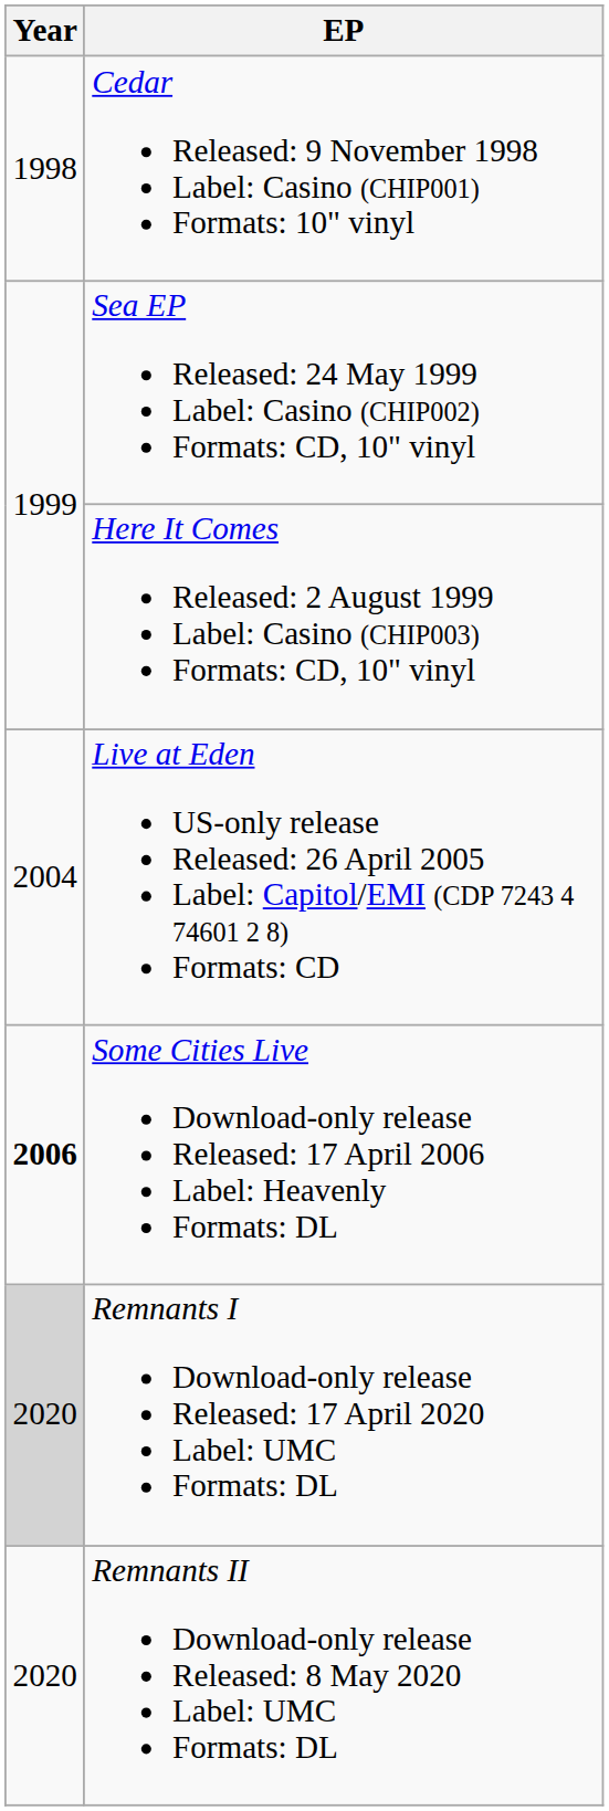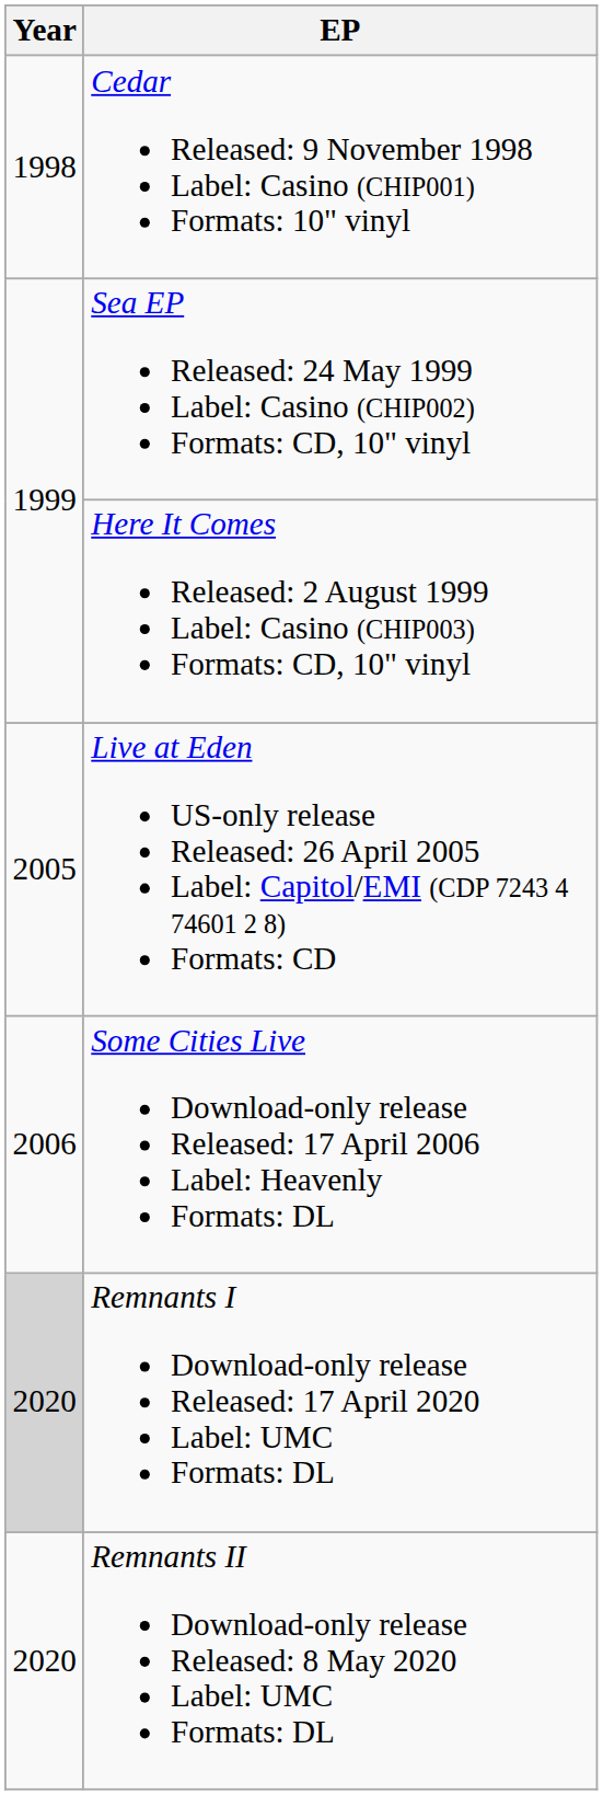 <table class="wikitable" border="1">
 <tr>
 <th rowspan="1">Year</th>
 <th rowspan="1" width="250">EP</th>
 </tr>
 <tr>
 <td>1998</td>
 <td><em><a href='#'>Cedar</a></em><br><ul><li>Released: 9 November 1998</li><li>Label: Casino <small>(CHIP001)</small></li><li>Formats: 10" vinyl</li></ul></td>
 </tr>
 <tr>
 <td rowspan="2">1999</td>
 <td><em><a href='#'>Sea EP</a></em><br><ul><li>Released: 24 May 1999</li><li>Label: Casino <small>(CHIP002)</small></li><li>Formats: CD, 10" vinyl</li></ul></td>
 </tr>
 <tr>
 <td><em><a href='#'>Here It Comes</a></em><br><ul><li>Released: 2 August 1999</li><li>Label: Casino <small>(CHIP003)</small></li><li>Formats: CD, 10" vinyl</li></ul></td>
 </tr>
 <tr>
-<td>2004</td>
+<td>2005</td>
 <td><em><a href='#'>Live at Eden</a></em><br><ul><li>US-only release</li><li>Released: 26 April 2005</li><li>Label: <a href='#'>Capitol</a>/<a href='#'>EMI</a> <small>(CDP 7243 4 74601 2 8)</small></li><li>Formats: CD</li></ul></td>
 </tr>
 <tr>
-<td><strong>2006</strong></td>
+<td>2006</td>
 <td><em><a href='#'>Some Cities Live</a></em><br><ul><li>Download-only release</li><li>Released: 17 April 2006</li><li>Label: Heavenly</li><li>Formats: DL</li></ul></td>
 </tr>
 <tr>
 <td style="background: lightgrey;">2020</td>
 <td><em>Remnants I</em><br><ul><li>Download-only release</li><li>Released: 17 April 2020</li><li>Label: UMC</li><li>Formats: DL</li></ul></td>
 </tr>
 <tr>
 <td>2020</td>
 <td><em>Remnants II</em><br><ul><li>Download-only release</li><li>Released: 8 May 2020</li><li>Label: UMC</li><li>Formats: DL</li></ul></td>
 </tr>
 </table>
